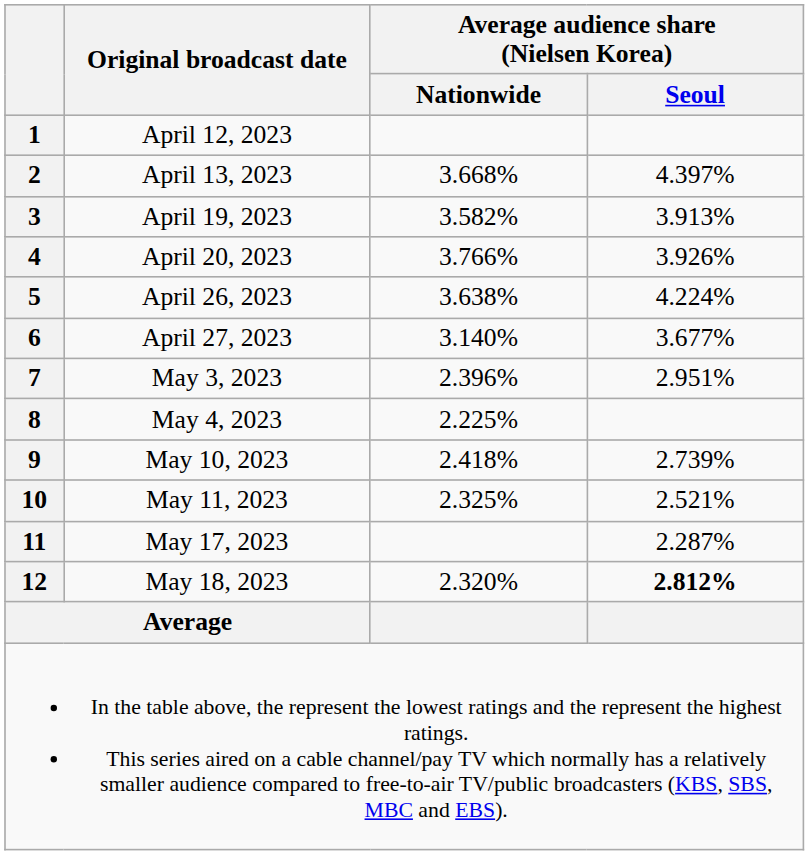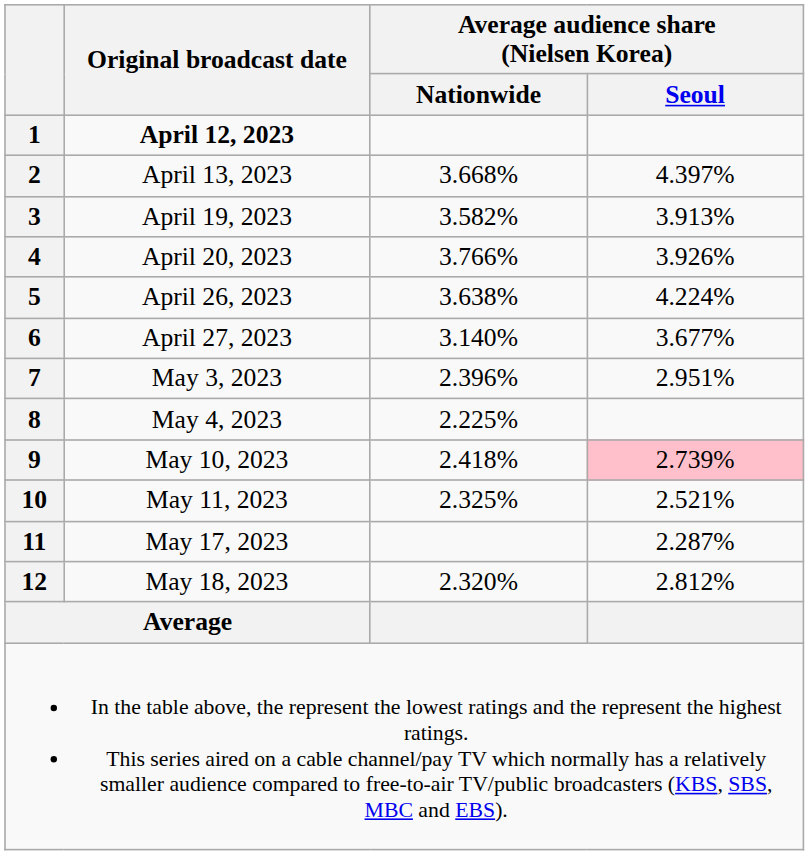 <table class="wikitable" style="margin-left:auto; margin-right:auto; width:500px; text-align:center">
 <tr>
 <th scope="col" rowspan="2"></th>
 <th scope="col" rowspan="2">Original broadcast date</th>
 <th scope="col" colspan="2">Average audience share<br>(Nielsen Korea)</th>
 </tr>
 <tr>
 <th scope="col" style="width:8em">Nationwide</th>
 <th scope="col" style="width:8em"><a href='#'>Seoul</a></th>
 </tr>
 <tr>
 <th scope="row">1</th>
-<td>April 12, 2023</td>
+<td><strong>April 12, 2023</strong></td>
 <td><strong></strong> </td>
 <td><strong></strong> </td>
 </tr>
 <tr>
 <th scope="row">2</th>
 <td>April 13, 2023</td>
 <td>3.668% </td>
 <td>4.397% </td>
 </tr>
 <tr>
 <th scope="row">3</th>
 <td>April 19, 2023</td>
 <td>3.582% </td>
 <td>3.913% </td>
 </tr>
 <tr>
 <th scope="row">4</th>
 <td>April 20, 2023</td>
 <td>3.766% </td>
 <td>3.926% </td>
 </tr>
 <tr>
 <th scope="row">5</th>
 <td>April 26, 2023</td>
 <td>3.638% </td>
 <td>4.224% </td>
 </tr>
 <tr>
 <th scope="row">6</th>
 <td>April 27, 2023</td>
 <td>3.140% </td>
 <td>3.677% </td>
 </tr>
 <tr>
 <th scope="row">7</th>
 <td>May 3, 2023</td>
 <td>2.396% </td>
 <td>2.951% </td>
 </tr>
 <tr>
 <th scope="row">8</th>
 <td>May 4, 2023</td>
 <td>2.225% </td>
 <td><strong></strong> </td>
 </tr>
 <tr>
 <th scope="row">9</th>
 <td>May 10, 2023</td>
 <td>2.418% </td>
-<td>2.739% </td>
+<td style="background: pink;">2.739% </td>
 </tr>
 <tr>
 <th scope="row">10</th>
 <td>May 11, 2023</td>
 <td>2.325% </td>
 <td>2.521% </td>
 </tr>
 <tr>
 <th scope="row">11</th>
 <td>May 17, 2023</td>
 <td><strong></strong> </td>
 <td>2.287% </td>
 </tr>
 <tr>
 <th scope="row">12</th>
 <td>May 18, 2023</td>
 <td>2.320% </td>
-<td><strong>2.812% </strong></td>
+<td>2.812% </td>
 </tr>
 <tr>
 <th colspan="2">Average</th>
 <th></th>
 <th></th>
 </tr>
 <tr>
 <td colspan="4" style="font-size:85%"><br><ul><li>In the table above, the <strong></strong> represent the lowest ratings and the <strong></strong> represent the highest ratings.</li><li>This series aired on a cable channel/pay TV which normally has a relatively smaller audience compared to free-to-air TV/public broadcasters (<a href='#'>KBS</a>, <a href='#'>SBS</a>, <a href='#'>MBC</a> and <a href='#'>EBS</a>).</li></ul></td>
 </tr>
 </table>
